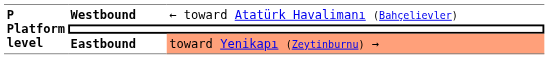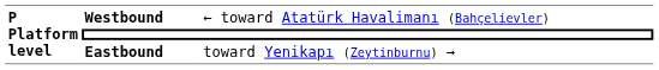 <table table border=0 cellspacing=0 cellpadding=3>
 <tr>
 <td style="border-top:solid 1px gray;border-bottom:solid 1px gray;" width=50 rowspan=3 valign=top><strong>P<br>Platform level</strong></td>
 <td style="border-top:solid 1px gray;" width=100><strong>Westbound</strong></td>
 <td style="border-top:solid 1px gray;" width=400>←  toward <a href='#'>Atatürk Havalimanı</a> <small>(<a href='#'>Bahçelievler</a>)</small></td>
 </tr>
 <tr>
 <td style="border-top:solid 2px black;border-right:solid 2px black;border-left:solid 2px black;border-bottom:solid 2px black;text-align:center;" colspan=2></td>
 </tr>
 <tr>
 <td style="border-bottom:solid 1px gray;"><strong>Eastbound</strong></td>
-<td style="background: lightsalmon; border-bottom:solid 1px gray;"> toward <a href='#'>Yenikapı</a> <small>(<a href='#'>Zeytinburnu</a>)</small> →</td>
+<td style="border-bottom:solid 1px gray;"> toward <a href='#'>Yenikapı</a> <small>(<a href='#'>Zeytinburnu</a>)</small> →</td>
 </tr>
 </table>
